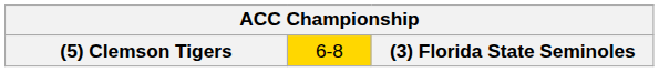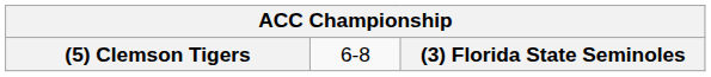 <table class="wikitable">
 <tr>
 <th style="width: 535px;" colspan=3>ACC Championship</th>
 </tr>
 <tr>
 <th style="width: 219px; ">(5) Clemson Tigers</th>
-<td style="background: gold; width: 60px; text-align:center">6-8</td>
+<td style="width: 60px; text-align:center">6-8</td>
 <th style="width: 219px; ">(3) Florida State Seminoles</th>
 </tr>
 </table>
